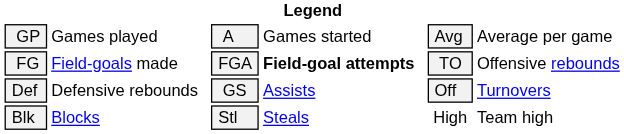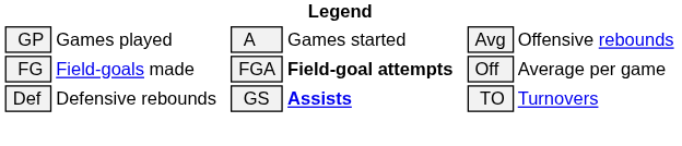 <table class="toccolours" style="font-size: 80%; white-space: nowrap;">
 <tr>
 <th colspan="6">Legend</th>
 </tr>
 <tr>
 <td style="background-color: #F2F2F2; border: 1px solid black;">  GP </td>
 <td>Games played</td>
 <td style="background-color: #F2F2F2; border: 1px solid black">  A </td>
 <td>Games started</td>
 <td style="background-color: #F2F2F2; border: 1px solid black"> Avg </td>
-<td>Average per game</td>
+<td>Offensive <a href='#'>rebounds</a></td>
 </tr>
 <tr>
 <td style="background-color: #F2F2F2; border: 1px solid black">  FG </td>
 <td style="padding-right: 8px"><a href='#'>Field-goals</a> made</td>
 <td style="background-color: #F2F2F2; border: 1px solid black"> FGA </td>
 <td style="padding-right: 8px"><strong>Field-goal attempts</strong></td>
-<td style="background-color: #F2F2F2; border: 1px solid black">  TO</td>
-<td>Offensive <a href='#'>rebounds</a></td>
+<td style="background-color: #F2F2F2; border: 1px solid black;"> Off </td>
+<td>Average per game</td>
 </tr>
 <tr>
 <td style="background-color: #F2F2F2; border: 1px solid black;"> Def </td>
 <td style="padding-right: 8px">Defensive rebounds</td>
 <td style="background-color: #F2F2F2; border: 1px solid black">  GS </td>
-<td style="padding-right: 8px"><a href='#'>Assists</a></td>
-<td style="background-color: #F2F2F2; border: 1px solid black;"> Off </td>
+<td style="padding-right: 8px"><strong><a href='#'>Assists</a></strong></td>
+<td style="background-color: #F2F2F2; border: 1px solid black">  TO</td>
 <td><a href='#'>Turnovers</a></td>
-</tr>
-<tr>
-<td style="background-color: #F2F2F2; border: 1px solid black;"> Blk </td>
-<td><a href='#'>Blocks</a></td>
-<td style="background-color: #F2F2F2; border: 1px solid black"> Stl </td>
-<td><a href='#'>Steals</a></td>
-<td> High </td>
-<td>Team high</td>
 </tr>
 <tr>
 </tr>
 </table>
